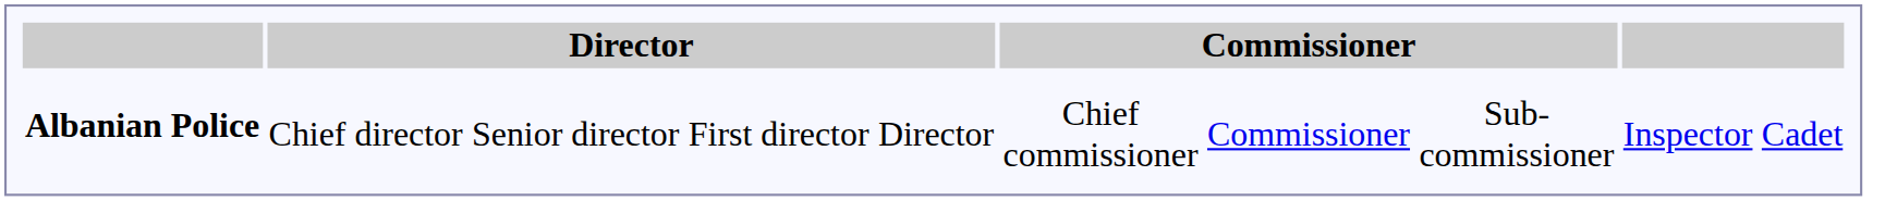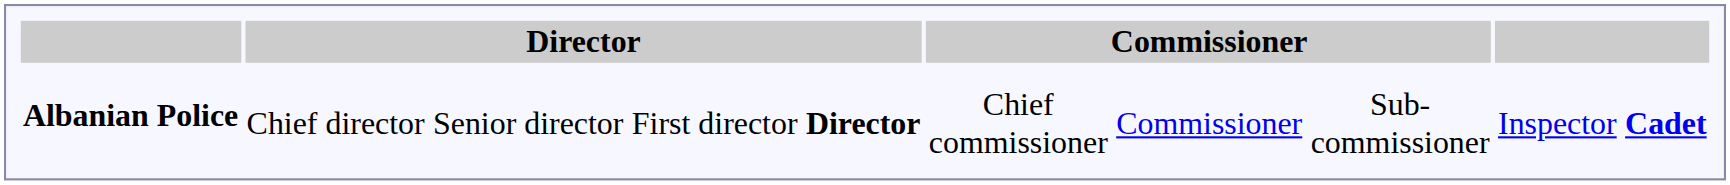 <table style="border:1px solid #8888aa; background-color:#f7f8ff; padding:5px; font-size:95%; margin: 0px 12px 12px 0px;">
 <tr style="background-color:#CCCCCC;">
 <th></th>
 <th colspan=4>Director</th>
 <th colspan=3>Commissioner</th>
 <th colspan=2></th>
 </tr>
 <tr style="text-align:center;">
 <td rowspan=3> <strong>Albanian Police</strong></td>
 <td></td>
 <td></td>
 <td></td>
 <td></td>
 <td></td>
 <td></td>
 <td></td>
 <td></td>
 <td></td>
 </tr>
 <tr style="text-align:center;">
 <td></td>
 <td></td>
 <td></td>
 <td></td>
 <td></td>
 <td></td>
 <td></td>
 <td></td>
 <td></td>
 </tr>
 <tr style="text-align:center;">
 <td>Chief director <br> </td>
 <td>Senior director <br> </td>
 <td>First director <br> </td>
-<td>Director <br> </td>
+<td><strong>Director <br> </strong></td>
 <td>Chief <br>  commissioner <br> </td>
 <td><a href='#'>Commissioner</a> <br> </td>
 <td>Sub-<br>commissioner <br> </td>
 <td><a href='#'>Inspector</a> <br> </td>
-<td><a href='#'>Cadet</a> <br> </td>
+<td><strong><a href='#'>Cadet</a> <br> </strong></td>
 </tr>
 </table>
